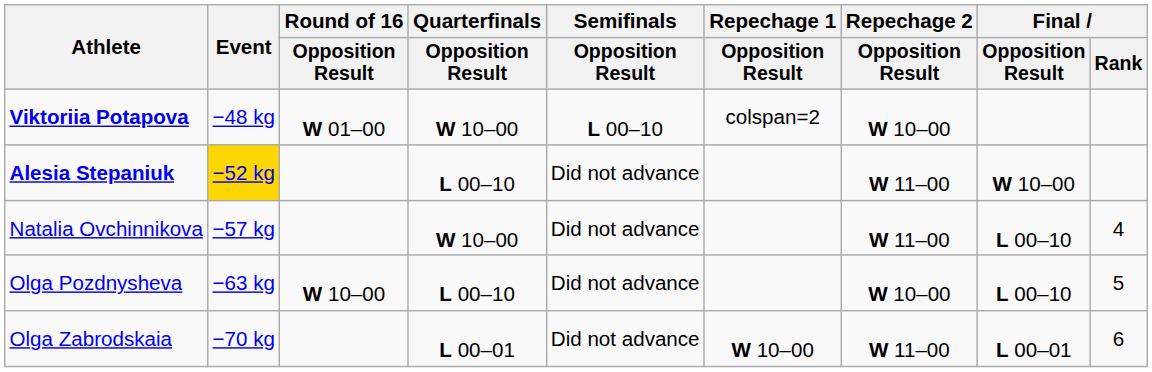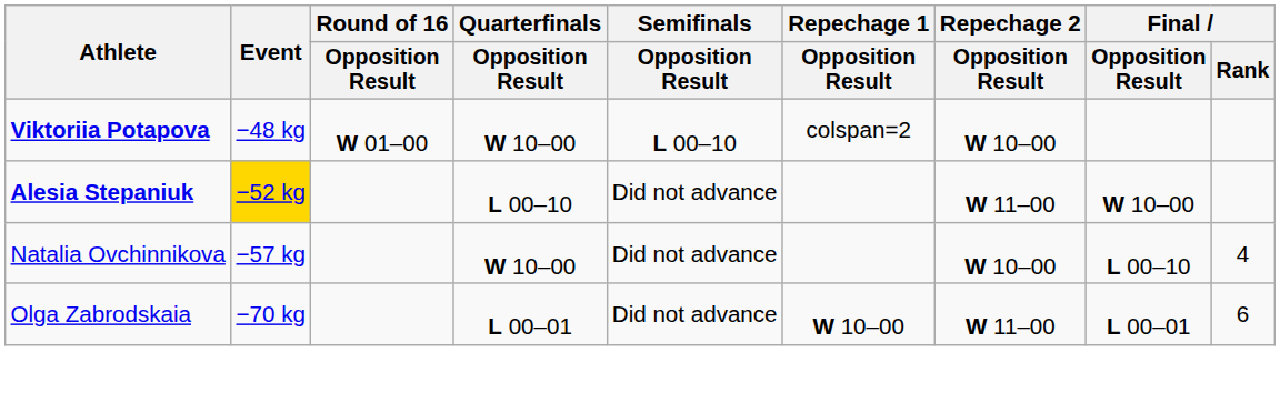 <table class=wikitable style="text-align:center; font-size:90%">
 <tr>
 <th rowspan=2>Athlete</th>
 <th rowspan=2>Event</th>
 <th>Round of 16</th>
 <th>Quarterfinals</th>
 <th>Semifinals</th>
 <th>Repechage 1</th>
 <th>Repechage 2</th>
 <th colspan=2>Final / </th>
 </tr>
 <tr style="font-size:95%">
 <th>Opposition<br>Result</th>
 <th>Opposition<br>Result</th>
 <th>Opposition<br>Result</th>
 <th>Opposition<br>Result</th>
 <th>Opposition<br>Result</th>
 <th>Opposition<br>Result</th>
 <th>Rank</th>
 </tr>
 <tr>
 <td align=left><strong><a href='#'>Viktoriia Potapova</a></strong></td>
 <td align=left><a href='#'>−48 kg</a></td>
 <td><br><strong>W</strong> 01–00</td>
 <td><br><strong>W</strong> 10–00</td>
 <td><br><strong>L</strong> 00–10</td>
 <td>colspan=2 </td>
 <td><br><strong>W</strong> 10–00</td>
 <td></td>
 </tr>
 <tr>
 <td align=left><strong><a href='#'>Alesia Stepaniuk</a></strong></td>
 <td align=left style="background: gold;"><a href='#'>−52 kg</a></td>
 <td></td>
 <td><br><strong>L</strong> 00–10</td>
 <td>Did not advance</td>
 <td></td>
 <td><br><strong>W</strong> 11–00</td>
 <td><br><strong>W</strong> 10–00</td>
 <td></td>
 </tr>
 <tr>
 <td align=left><a href='#'>Natalia Ovchinnikova</a></td>
 <td align=left><a href='#'>−57 kg</a></td>
 <td></td>
 <td><br><strong>W</strong> 10–00</td>
 <td>Did not advance</td>
 <td></td>
-<td><br><strong>W</strong> 11–00</td>
+<td><br><strong>W</strong> 10–00</td>
 <td><br><strong>L</strong> 00–10</td>
 <td>4</td>
-</tr>
-<tr>
-<td align=left><a href='#'>Olga Pozdnysheva</a></td>
-<td align=left><a href='#'>−63 kg</a></td>
-<td><br><strong>W</strong> 10–00</td>
-<td><br><strong>L</strong> 00–10</td>
-<td>Did not advance</td>
-<td></td>
-<td><br><strong>W</strong> 10–00</td>
-<td><br><strong>L</strong> 00–10</td>
-<td>5</td>
 </tr>
 <tr>
 <td align=left><a href='#'>Olga Zabrodskaia</a></td>
 <td align=left><a href='#'>−70 kg</a></td>
 <td></td>
 <td><br><strong>L</strong> 00–01</td>
 <td>Did not advance</td>
 <td><br><strong>W</strong> 10–00</td>
 <td><br><strong>W</strong> 11–00</td>
 <td><br><strong>L</strong> 00–01</td>
 <td>6</td>
 </tr>
 </table>
